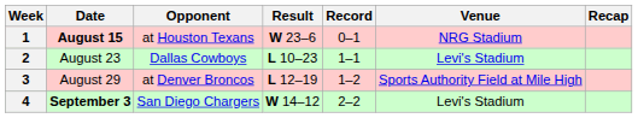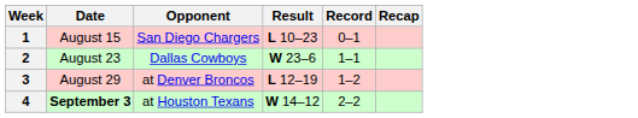 <table class="wikitable" style="text-align:center">
 <tr>
 <th>Week</th>
 <th>Date</th>
 <th>Opponent</th>
 <th>Result</th>
 <th>Record</th>
-<th>Venue</th>
 <th>Recap</th>
 </tr>
 <tr style="background:#fcc">
 <th>1</th>
-<td><strong>August 15</strong></td>
-<td>at <a href='#'>Houston Texans</a></td>
-<td><strong>W</strong> 23–6</td>
+<td>August 15</td>
+<td><a href='#'>San Diego Chargers</a></td>
+<td><strong>L</strong> 10–23</td>
 <td>0–1</td>
-<td><a href='#'>NRG Stadium</a></td>
 <td></td>
 </tr>
 <tr style="background:#cfc">
 <th>2</th>
 <td>August 23</td>
 <td><a href='#'>Dallas Cowboys</a></td>
-<td><strong>L</strong> 10–23</td>
+<td><strong>W</strong> 23–6</td>
 <td>1–1</td>
-<td><a href='#'>Levi's Stadium</a></td>
 <td></td>
 </tr>
 <tr style="background:#fcc">
 <th>3</th>
 <td>August 29</td>
 <td>at <a href='#'>Denver Broncos</a></td>
 <td><strong>L</strong> 12–19</td>
 <td>1–2</td>
-<td><a href='#'>Sports Authority Field at Mile High</a></td>
 <td></td>
 </tr>
 <tr style="background:#cfc">
 <th>4</th>
 <td><strong>September 3</strong></td>
-<td><a href='#'>San Diego Chargers</a></td>
+<td>at <a href='#'>Houston Texans</a></td>
 <td><strong>W</strong> 14–12</td>
 <td>2–2</td>
-<td>Levi's Stadium</td>
 <td></td>
 </tr>
 </table>
